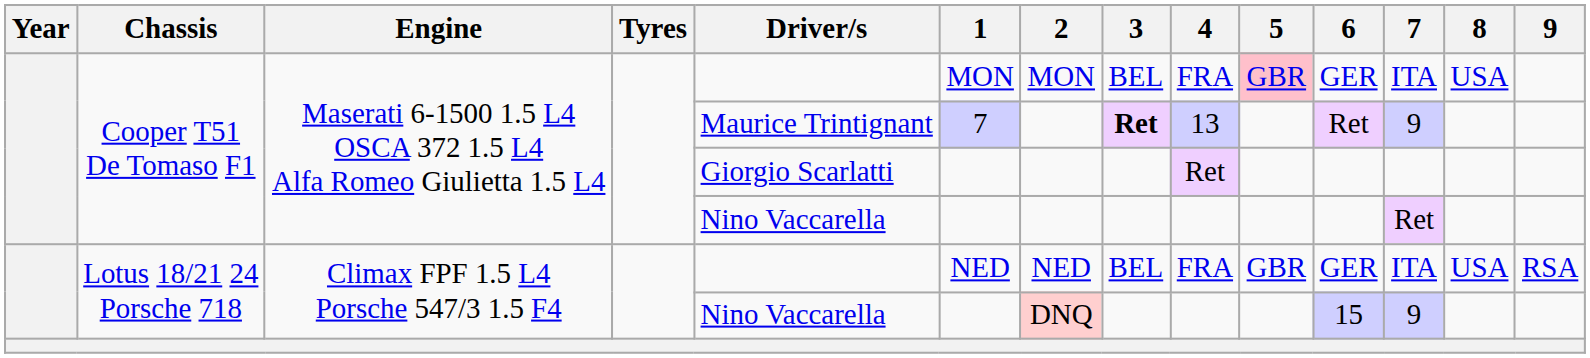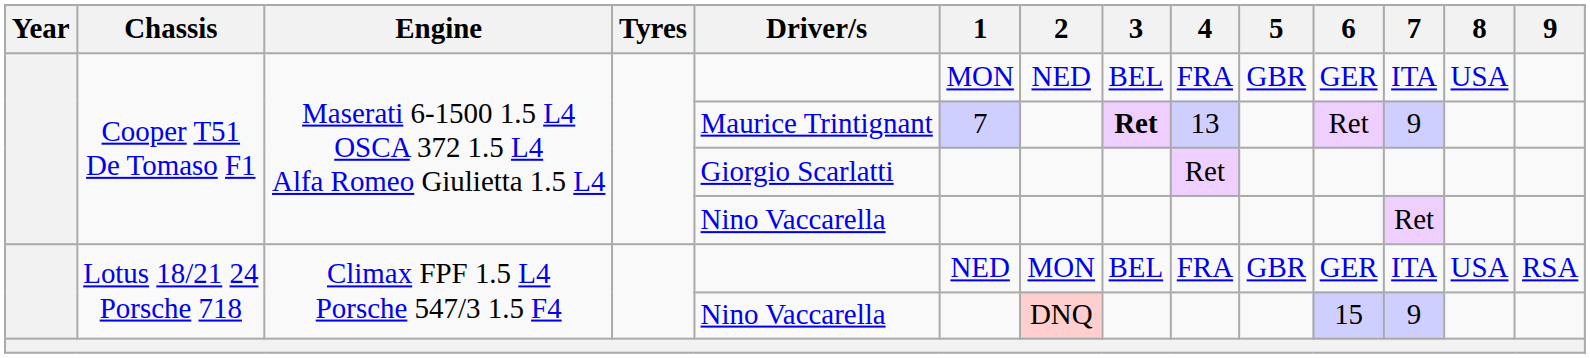 <table class="wikitable" style="text-align:center; font-size:90%">
 <tr>
 <th>Year</th>
 <th>Chassis</th>
 <th>Engine</th>
 <th>Tyres</th>
 <th>Driver/s</th>
 <th>1</th>
 <th>2</th>
 <th>3</th>
 <th>4</th>
 <th>5</th>
 <th>6</th>
 <th>7</th>
 <th>8</th>
 <th>9</th>
 </tr>
 <tr>
 <th rowspan="4"></th>
 <td rowspan="4"><a href='#'>Cooper</a> <a href='#'>T51</a><br><a href='#'>De Tomaso</a> <a href='#'>F1</a></td>
 <td rowspan="4"><a href='#'>Maserati</a> 6-1500 1.5 <a href='#'>L4</a><br><a href='#'>OSCA</a> 372 1.5 <a href='#'>L4</a><br><a href='#'>Alfa Romeo</a> Giulietta 1.5 <a href='#'>L4</a></td>
 <td rowspan="4"></td>
 <td></td>
 <td><a href='#'>MON</a></td>
-<td><a href='#'>MON</a></td>
+<td><a href='#'>NED</a></td>
 <td><a href='#'>BEL</a></td>
 <td><a href='#'>FRA</a></td>
-<td style="background: pink;"><a href='#'>GBR</a></td>
+<td><a href='#'>GBR</a></td>
 <td><a href='#'>GER</a></td>
 <td><a href='#'>ITA</a></td>
 <td><a href='#'>USA</a></td>
 <td></td>
 </tr>
 <tr>
 <td style="text-align:left"> <a href='#'>Maurice Trintignant</a></td>
 <td style="background:#CFCFFF;">7</td>
 <td></td>
 <td style="background:#EFCFFF;"><strong>Ret</strong></td>
 <td style="background:#CFCFFF;">13</td>
 <td></td>
 <td style="background:#EFCFFF;">Ret</td>
 <td style="background:#CFCFFF;">9</td>
 <td></td>
 <td></td>
 </tr>
 <tr>
 <td style="text-align:left"> <a href='#'>Giorgio Scarlatti</a></td>
 <td></td>
 <td></td>
 <td></td>
 <td style="background:#EFCFFF;">Ret</td>
 <td></td>
 <td></td>
 <td></td>
 <td></td>
 <td></td>
 </tr>
 <tr>
 <td style="text-align:left"> <a href='#'>Nino Vaccarella</a></td>
 <td></td>
 <td></td>
 <td></td>
 <td></td>
 <td></td>
 <td></td>
 <td style="background:#EFCFFF;">Ret</td>
 <td></td>
 <td></td>
 </tr>
 <tr>
 <th rowspan="2"></th>
 <td rowspan="2"><a href='#'>Lotus</a> <a href='#'>18/21</a> <a href='#'>24</a><br><a href='#'>Porsche</a> <a href='#'>718</a></td>
 <td rowspan="2"><a href='#'>Climax</a> FPF 1.5 <a href='#'>L4</a><br><a href='#'>Porsche</a> 547/3 1.5 <a href='#'>F4</a></td>
 <td rowspan="2"></td>
 <td></td>
 <td><a href='#'>NED</a></td>
-<td><a href='#'>NED</a></td>
+<td><a href='#'>MON</a></td>
 <td><a href='#'>BEL</a></td>
 <td><a href='#'>FRA</a></td>
 <td><a href='#'>GBR</a></td>
 <td><a href='#'>GER</a></td>
 <td><a href='#'>ITA</a></td>
 <td><a href='#'>USA</a></td>
 <td><a href='#'>RSA</a></td>
 </tr>
 <tr>
 <td style="text-align:left"> <a href='#'>Nino Vaccarella</a></td>
 <td></td>
 <td style="background:#FFCFCF;">DNQ</td>
 <td></td>
 <td></td>
 <td></td>
 <td style="background:#CFCFFF;">15</td>
 <td style="background:#CFCFFF;">9</td>
 <td></td>
 <td></td>
 </tr>
 <tr>
 <th colspan="14"></th>
 </tr>
 </table>
